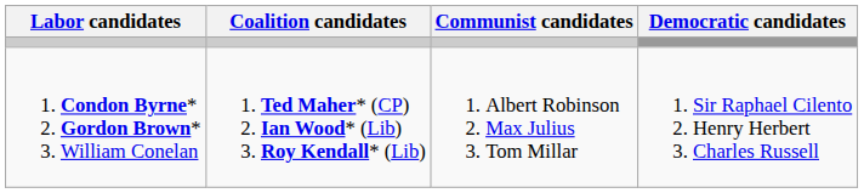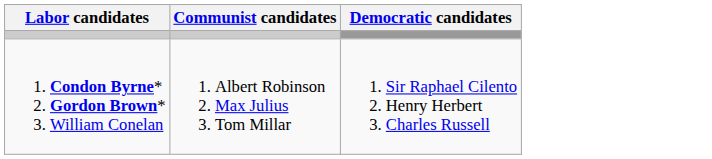 <table class="wikitable">
 <tr>
 <th><a href='#'>Labor</a> candidates</th>
-<th><a href='#'>Coalition</a> candidates</th>
 <th><a href='#'>Communist</a> candidates</th>
 <th><a href='#'>Democratic</a> candidates</th>
 </tr>
 <tr bgcolor="#cccccc">
 <td></td>
 <td></td>
-<td></td>
 <td bgcolor="#999999"></td>
 </tr>
 <tr>
 <td><br><ol><li><strong><a href='#'>Condon Byrne</a></strong>*</li><li><strong><a href='#'>Gordon Brown</a></strong>*</li><li><a href='#'>William Conelan</a></li></ol></td>
-<td><br><ol><li><strong><a href='#'>Ted Maher</a></strong>* (<a href='#'>CP</a>)</li><li><strong><a href='#'>Ian Wood</a></strong>* (<a href='#'>Lib</a>)</li><li><strong><a href='#'>Roy Kendall</a></strong>* (<a href='#'>Lib</a>)</li></ol></td>
 <td valign=top><br><ol><li>Albert Robinson</li><li><a href='#'>Max Julius</a></li><li>Tom Millar</li></ol></td>
 <td valign=top><br><ol><li><a href='#'>Sir Raphael Cilento</a></li><li>Henry Herbert</li><li><a href='#'>Charles Russell</a></li></ol></td>
 </tr>
 </table>
